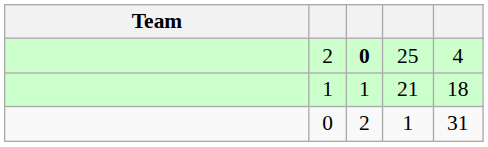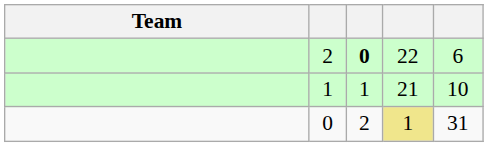 <table class="wikitable" style="text-align:center;">
 <tr>
 <th width=220>Team</th>
 <th width=20></th>
 <th width=20></th>
 <th width=30></th>
 <th width=30></th>
 </tr>
 <tr bgcolor="#ccffcc">
 <td align=left></td>
 <td>2</td>
 <td><strong>0</strong></td>
-<td>25</td>
-<td>4</td>
+<td>22</td>
+<td>6</td>
 </tr>
 <tr bgcolor="#ccffcc">
 <td align=left></td>
 <td>1</td>
 <td>1</td>
 <td>21</td>
-<td>18</td>
+<td>10</td>
 </tr>
 <tr>
 <td align=left></td>
 <td>0</td>
 <td>2</td>
-<td>1</td>
+<td style="background: khaki;">1</td>
 <td>31</td>
 </tr>
 </table>
